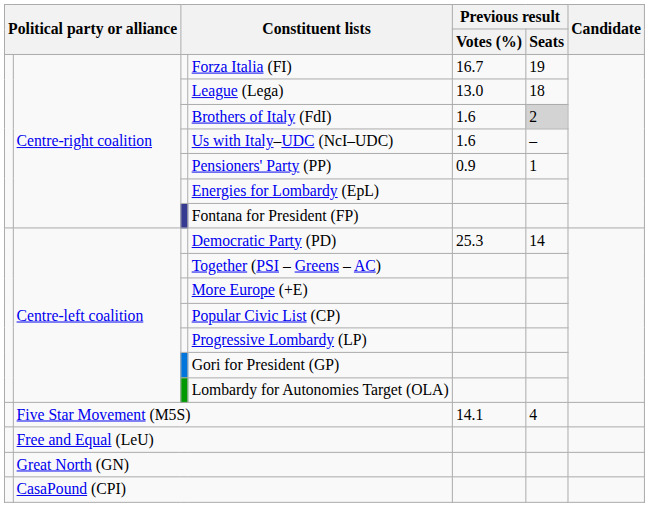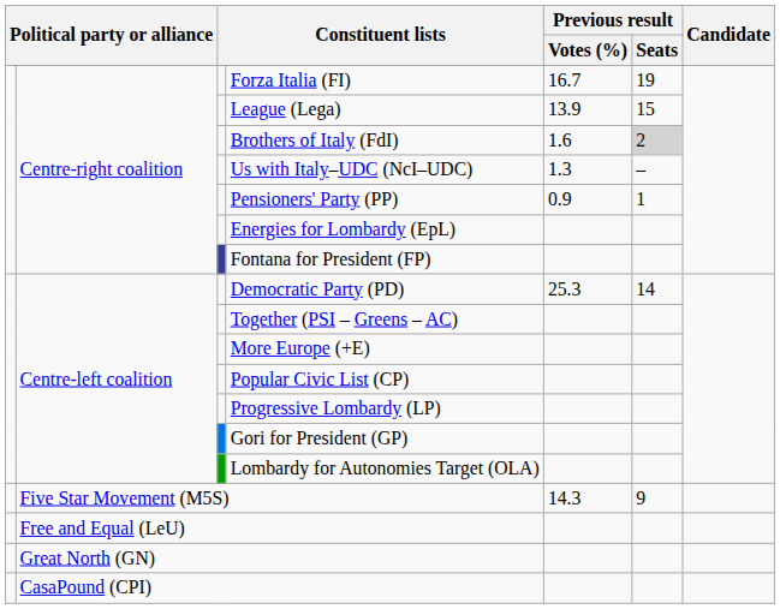 <table class="wikitable" style="text-align:left">
 <tr>
 <th colspan=2 rowspan="2">Political party or alliance</th>
 <th colspan=2 rowspan="2">Constituent lists</th>
 <th colspan="2">Previous result</th>
 <th colspan="2" rowspan="2">Candidate</th>
 </tr>
 <tr>
 <th>Votes (%)</th>
 <th>Seats</th>
 </tr>
 <tr>
 <td rowspan="7" style="background:"></td>
 <td rowspan=7><a href='#'>Centre-right coalition</a></td>
 <td></td>
 <td style="text-align:left;"><a href='#'>Forza Italia</a> (FI)</td>
 <td>16.7</td>
 <td>19</td>
 <td rowspan="7"></td>
 </tr>
 <tr>
 <td></td>
 <td style="text-align:left;"><a href='#'>League</a> (Lega)</td>
-<td>13.0</td>
-<td>18</td>
+<td>13.9</td>
+<td>15</td>
 </tr>
 <tr>
 <td></td>
 <td style="text-align:left;"><a href='#'>Brothers of Italy</a>  (FdI)</td>
 <td>1.6</td>
 <td style="background: lightgrey;">2</td>
 </tr>
 <tr>
 <td></td>
 <td style="text-align:left;"><a href='#'>Us with Italy</a>–<a href='#'>UDC</a> (NcI–UDC)</td>
-<td>1.6</td>
+<td>1.3</td>
 <td>–</td>
 </tr>
 <tr>
 <td></td>
 <td style="text-align:left;"><a href='#'>Pensioners' Party</a> (PP)</td>
 <td>0.9</td>
 <td>1</td>
 </tr>
 <tr>
 <td></td>
 <td style="text-align:left;"><a href='#'>Energies for Lombardy</a> (EpL)</td>
 <td></td>
 <td></td>
 </tr>
 <tr>
 <td bgcolor="#363A91"></td>
 <td style="text-align:left;">Fontana for President (FP)</td>
 <td></td>
 <td></td>
 </tr>
 <tr>
 <td rowspan="7"></td>
 <td rowspan=7><a href='#'>Centre-left coalition</a></td>
 <td></td>
 <td style="text-align:left;"><a href='#'>Democratic Party</a> (PD)</td>
 <td>25.3</td>
 <td>14</td>
 <td rowspan="7"></td>
 </tr>
 <tr>
 <td></td>
 <td style="text-align:left;"><a href='#'>Together</a> (<a href='#'>PSI</a> – <a href='#'>Greens</a> –  <a href='#'>AC</a>)</td>
 <td></td>
 <td></td>
 </tr>
 <tr>
 <td></td>
 <td style="text-align:left;"><a href='#'>More Europe</a> (+E)</td>
 <td></td>
 <td></td>
 </tr>
 <tr>
 <td></td>
 <td style="text-align:left;"><a href='#'>Popular Civic List</a> (CP)</td>
 <td></td>
 <td></td>
 </tr>
 <tr>
 <td></td>
 <td style="text-align:left;"><a href='#'>Progressive Lombardy</a> (LP)</td>
 <td></td>
 <td></td>
 </tr>
 <tr>
 <td bgcolor="#0075DC"></td>
 <td style="text-align:left;">Gori for President (GP)</td>
 <td></td>
 <td></td>
 </tr>
 <tr>
 <td bgcolor="#009900"></td>
 <td style="text-align:left;">Lombardy for Autonomies Target (OLA)</td>
 <td></td>
 <td></td>
 </tr>
 <tr>
 <td style="background-color:"></td>
 <td colspan="3"><a href='#'>Five Star Movement</a> (M5S)</td>
-<td>14.1</td>
-<td>4</td>
+<td>14.3</td>
+<td>9</td>
 <td></td>
 </tr>
 <tr>
 <td style="background-color:"></td>
 <td colspan="3"><a href='#'>Free and Equal</a> (LeU)</td>
 <td></td>
 <td></td>
 <td></td>
 </tr>
 <tr>
 <td style="background-color:"></td>
 <td colspan="3"><a href='#'>Great North</a> (GN)</td>
 <td></td>
 <td></td>
 <td></td>
 </tr>
 <tr>
 <td style="background-color:"></td>
 <td colspan="3"><a href='#'>CasaPound</a> (CPI)</td>
 <td></td>
 <td></td>
 <td></td>
 </tr>
 </table>
